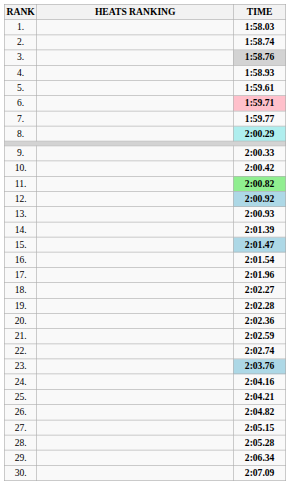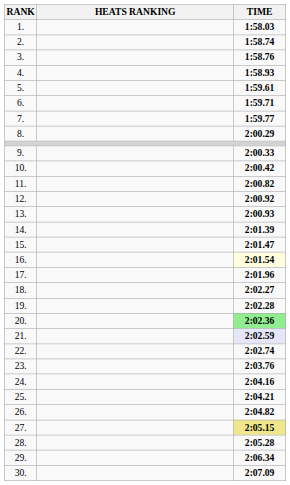 <table class="wikitable">
 <tr>
 <th>RANK</th>
 <th style="width: 20em">HEATS RANKING</th>
 <th style="width: 5em">TIME</th>
 </tr>
 <tr>
 <td align="center">1.</td>
 <td></td>
 <td align="center"><strong>1:58.03</strong></td>
 </tr>
 <tr>
 <td align="center">2.</td>
 <td></td>
 <td align="center"><strong>1:58.74</strong></td>
 </tr>
 <tr>
 <td align="center">3.</td>
 <td></td>
-<td align="center" style="background: lightgrey;"><strong>1:58.76</strong></td>
+<td align="center"><strong>1:58.76</strong></td>
 </tr>
 <tr>
 <td align="center">4.</td>
 <td></td>
 <td align="center"><strong>1:58.93</strong></td>
 </tr>
 <tr>
 <td align="center">5.</td>
 <td></td>
 <td align="center"><strong>1:59.61</strong></td>
 </tr>
 <tr>
 <td align="center">6.</td>
 <td></td>
-<td align="center" style="background: pink;"><strong>1:59.71</strong></td>
+<td align="center"><strong>1:59.71</strong></td>
 </tr>
 <tr>
 <td align="center">7.</td>
 <td></td>
 <td align="center"><strong>1:59.77</strong></td>
 </tr>
 <tr>
 <td align="center">8.</td>
 <td></td>
-<td align="center" style="background: paleturquoise;"><strong>2:00.29</strong></td>
+<td align="center"><strong>2:00.29</strong></td>
 </tr>
 <tr>
 <td colspan=3 bgcolor=lightgray></td>
 </tr>
 <tr>
 <td align="center">9.</td>
 <td></td>
 <td align="center"><strong>2:00.33 </strong></td>
 </tr>
 <tr>
 <td align="center">10.</td>
 <td></td>
 <td align="center"><strong>2:00.42 </strong></td>
 </tr>
 <tr>
 <td align="center">11.</td>
 <td></td>
-<td align="center" style="background: lightgreen;"><strong>2:00.82 </strong></td>
+<td align="center"><strong>2:00.82 </strong></td>
 </tr>
 <tr>
 <td align="center">12.</td>
 <td></td>
-<td align="center" style="background: lightblue;"><strong>2:00.92 </strong></td>
+<td align="center"><strong>2:00.92 </strong></td>
 </tr>
 <tr>
 <td align="center">13.</td>
 <td></td>
 <td align="center"><strong>2:00.93 </strong></td>
 </tr>
 <tr>
 <td align="center">14.</td>
 <td></td>
 <td align="center"><strong>2:01.39 </strong></td>
 </tr>
 <tr>
 <td align="center">15.</td>
 <td></td>
-<td align="center" style="background: lightblue;"><strong>2:01.47 </strong></td>
+<td align="center"><strong>2:01.47 </strong></td>
 </tr>
 <tr>
 <td align="center">16.</td>
 <td></td>
-<td align="center"><strong>2:01.54 </strong></td>
+<td align="center" style="background: lightyellow;"><strong>2:01.54 </strong></td>
 </tr>
 <tr>
 <td align="center">17.</td>
 <td></td>
 <td align="center"><strong>2:01.96 </strong></td>
 </tr>
 <tr>
 <td align="center">18.</td>
 <td></td>
 <td align="center"><strong>2:02.27 </strong></td>
 </tr>
 <tr>
 <td align="center">19.</td>
 <td></td>
 <td align="center"><strong>2:02.28 </strong></td>
 </tr>
 <tr>
 <td align="center">20.</td>
 <td></td>
-<td align="center"><strong>2:02.36 </strong></td>
+<td align="center" style="background: lightgreen;"><strong>2:02.36 </strong></td>
 </tr>
 <tr>
 <td align="center">21.</td>
 <td></td>
-<td align="center"><strong>2:02.59 </strong></td>
+<td align="center" style="background: lavender;"><strong>2:02.59 </strong></td>
 </tr>
 <tr>
 <td align="center">22.</td>
 <td></td>
 <td align="center"><strong>2:02.74 </strong></td>
 </tr>
 <tr>
 <td align="center">23.</td>
 <td></td>
-<td align="center" style="background: lightblue;"><strong>2:03.76 </strong></td>
+<td align="center"><strong>2:03.76 </strong></td>
 </tr>
 <tr>
 <td align="center">24.</td>
 <td></td>
 <td align="center"><strong>2:04.16 </strong></td>
 </tr>
 <tr>
 <td align="center">25.</td>
 <td></td>
 <td align="center"><strong>2:04.21 </strong></td>
 </tr>
 <tr>
 <td align="center">26.</td>
 <td></td>
 <td align="center"><strong>2:04.82 </strong></td>
 </tr>
 <tr>
 <td align="center">27.</td>
 <td></td>
-<td align="center"><strong>2:05.15 </strong></td>
+<td align="center" style="background: khaki;"><strong>2:05.15 </strong></td>
 </tr>
 <tr>
 <td align="center">28.</td>
 <td></td>
 <td align="center"><strong>2:05.28 </strong></td>
 </tr>
 <tr>
 <td align="center">29.</td>
 <td></td>
 <td align="center"><strong>2:06.34 </strong></td>
 </tr>
 <tr>
 <td align="center">30.</td>
 <td></td>
 <td align="center"><strong>2:07.09 </strong></td>
 </tr>
 </table>
